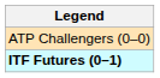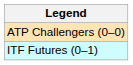 <table class=wikitable>
 <tr>
 <th>Legend</th>
 </tr>
 <tr style="background:moccasin;">
 <td>ATP Challengers (0–0)</td>
 </tr>
 <tr style="background:#cffcff;">
-<td><strong>ITF Futures (0–1)</strong></td>
+<td>ITF Futures (0–1)</td>
 </tr>
 </table>
